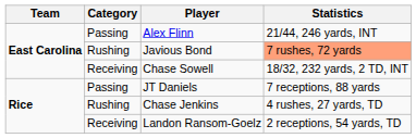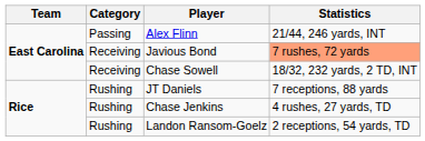 <table class="wikitable" style="float: right;">
 <tr>
 <th>Team</th>
 <th>Category</th>
 <th>Player</th>
 <th>Statistics</th>
 </tr>
 <tr>
 <td rowspan=3><strong>East Carolina</strong></td>
 <td>Passing</td>
 <td><a href='#'>Alex Flinn</a></td>
 <td>21/44, 246 yards, INT</td>
 </tr>
 <tr>
-<td>Rushing</td>
+<td>Receiving</td>
 <td>Javious Bond</td>
 <td style="background: lightsalmon;">7 rushes, 72 yards</td>
 </tr>
 <tr>
 <td>Receiving</td>
 <td>Chase Sowell</td>
 <td>18/32, 232 yards, 2 TD, INT</td>
 </tr>
 <tr>
 <td rowspan=3><strong>Rice</strong></td>
-<td>Passing</td>
+<td>Rushing</td>
 <td>JT Daniels</td>
 <td>7 receptions, 88 yards</td>
 </tr>
 <tr>
 <td>Rushing</td>
 <td>Chase Jenkins</td>
 <td>4 rushes, 27 yards, TD</td>
 </tr>
 <tr>
-<td>Receiving</td>
+<td>Rushing</td>
 <td>Landon Ransom-Goelz</td>
 <td>2 receptions, 54 yards, TD</td>
 </tr>
 </table>
